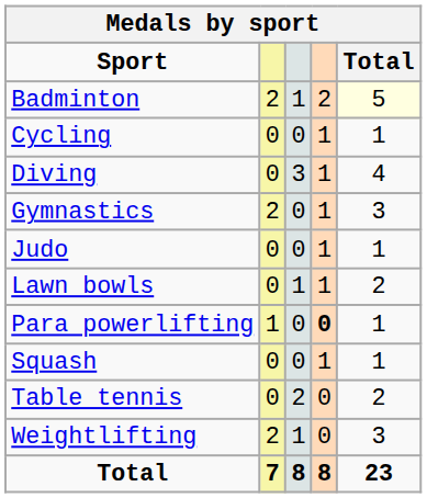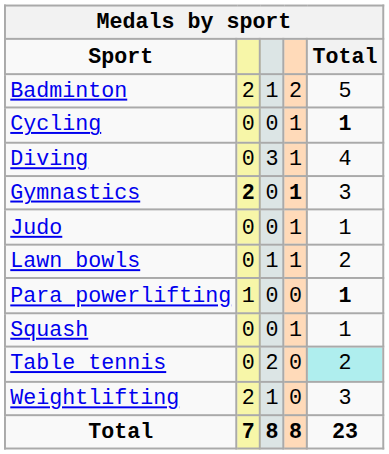 <table class="wikitable" style="text-align:center; font-size:85%; float:left">
 <tr style="background:#efefef;">
 <th colspan=5><strong>Medals by sport</strong></th>
 </tr>
 <tr>
 <td><strong>Sport</strong></td>
 <th style="background:#f7f6a8;"></th>
 <th style="background:#dce5e5;"></th>
 <th style="background:#ffdab9;"></th>
 <th><strong>Total</strong></th>
 </tr>
 <tr>
 <td style="text-align:left"><a href='#'>Badminton</a></td>
 <td style="background:#f7f6a8;">2</td>
 <td style="background:#dce5e5;">1</td>
 <td style="background:#ffdab9;">2</td>
-<td style="background: lightyellow;">5</td>
+<td>5</td>
 </tr>
 <tr>
 <td style="text-align:left"><a href='#'>Cycling</a></td>
 <td style="background:#f7f6a8;">0</td>
 <td style="background:#dce5e5;">0</td>
 <td style="background:#ffdab9;">1</td>
-<td>1</td>
+<td><strong>1</strong></td>
 </tr>
 <tr>
 <td style="text-align:left"><a href='#'>Diving</a></td>
 <td style="background:#f7f6a8;">0</td>
 <td style="background:#dce5e5;">3</td>
 <td style="background:#ffdab9;">1</td>
 <td>4</td>
 </tr>
 <tr>
 <td style="text-align:left"><a href='#'>Gymnastics</a></td>
-<td style="background:#f7f6a8;">2</td>
+<td style="background:#f7f6a8;"><strong>2</strong></td>
 <td style="background:#dce5e5;">0</td>
-<td style="background:#ffdab9;">1</td>
+<td style="background:#ffdab9;"><strong>1</strong></td>
 <td>3</td>
 </tr>
 <tr>
 <td style="text-align:left"><a href='#'>Judo</a></td>
 <td style="background:#f7f6a8;">0</td>
 <td style="background:#dce5e5;">0</td>
 <td style="background:#ffdab9;">1</td>
 <td>1</td>
 </tr>
 <tr>
 <td style="text-align:left"><a href='#'>Lawn bowls</a></td>
 <td style="background:#f7f6a8;">0</td>
 <td style="background:#dce5e5;">1</td>
 <td style="background:#ffdab9;">1</td>
 <td>2</td>
 </tr>
 <tr>
 <td style="text-align:left"><a href='#'>Para powerlifting</a></td>
 <td style="background:#f7f6a8;">1</td>
 <td style="background:#dce5e5;">0</td>
-<td style="background:#ffdab9;"><strong>0</strong></td>
-<td>1</td>
+<td style="background:#ffdab9;">0</td>
+<td><strong>1</strong></td>
 </tr>
 <tr>
 <td style="text-align:left"><a href='#'>Squash</a></td>
 <td style="background:#f7f6a8;">0</td>
 <td style="background:#dce5e5;">0</td>
 <td style="background:#ffdab9;">1</td>
 <td>1</td>
 </tr>
 <tr>
 <td style="text-align:left"><a href='#'>Table tennis</a></td>
 <td style="background:#f7f6a8;">0</td>
 <td style="background:#dce5e5;">2</td>
 <td style="background:#ffdab9;">0</td>
-<td>2</td>
+<td style="background: paleturquoise;">2</td>
 </tr>
 <tr>
 <td style="text-align:left"><a href='#'>Weightlifting</a></td>
 <td style="background:#f7f6a8;">2</td>
 <td style="background:#dce5e5;">1</td>
 <td style="background:#ffdab9;">0</td>
 <td>3</td>
 </tr>
 <tr>
 <td style="text-align:center"><strong>Total</strong></td>
 <td style="background:#f7f6a8;"><strong>7</strong></td>
 <td style="background:#dce5e5;"><strong>8</strong></td>
 <td style="background:#ffdab9;"><strong>8</strong></td>
 <td><strong>23</strong></td>
 </tr>
 </table>
